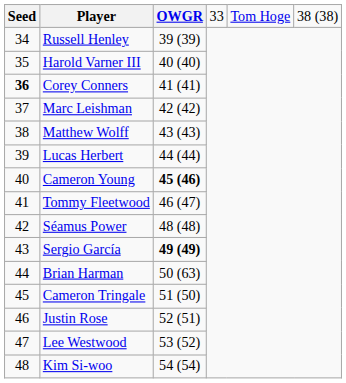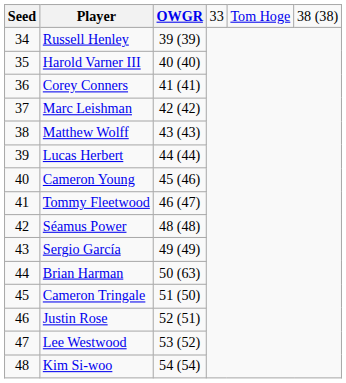 <table class=wikitable style=font-size:85%;text-align:center>
 <tr>
 <th>Seed</th>
 <th>Player</th>
 <th><a href='#'>OWGR</a></th>
 <td>33</td>
 <td style="text-align:left;"> <a href='#'>Tom Hoge</a></td>
 <td>38 (38)</td>
 </tr>
 <tr>
 <td>34</td>
 <td style="text-align:left;"> <a href='#'>Russell Henley</a></td>
 <td>39 (39)</td>
 </tr>
 <tr>
 <td>35</td>
 <td style="text-align:left;"> <a href='#'>Harold Varner III</a></td>
 <td>40 (40)</td>
 </tr>
 <tr>
-<td><strong>36</strong></td>
+<td>36</td>
 <td style="text-align:left;"> <a href='#'>Corey Conners</a></td>
 <td>41 (41)</td>
 </tr>
 <tr>
 <td>37</td>
 <td style="text-align:left;"> <a href='#'>Marc Leishman</a></td>
 <td>42 (42)</td>
 </tr>
 <tr>
 <td>38</td>
 <td style="text-align:left;"> <a href='#'>Matthew Wolff</a></td>
 <td>43 (43)</td>
 </tr>
 <tr>
 <td>39</td>
 <td style="text-align:left;"> <a href='#'>Lucas Herbert</a></td>
 <td>44 (44)</td>
 </tr>
 <tr>
 <td>40</td>
 <td style="text-align:left;"> <a href='#'>Cameron Young</a></td>
-<td><strong>45 (46)</strong></td>
+<td>45 (46)</td>
 </tr>
 <tr>
 <td>41</td>
 <td style="text-align:left;"> <a href='#'>Tommy Fleetwood</a></td>
 <td>46 (47)</td>
 </tr>
 <tr>
 <td>42</td>
 <td style="text-align:left;"> <a href='#'>Séamus Power</a></td>
 <td>48 (48)</td>
 </tr>
 <tr>
 <td>43</td>
 <td style="text-align:left;"> <a href='#'>Sergio García</a></td>
-<td><strong>49 (49)</strong></td>
+<td>49 (49)</td>
 </tr>
 <tr>
 <td>44</td>
 <td style="text-align:left;"> <a href='#'>Brian Harman</a></td>
 <td>50 (63)</td>
 </tr>
 <tr>
 <td>45</td>
 <td style="text-align:left;"> <a href='#'>Cameron Tringale</a></td>
 <td>51 (50)</td>
 </tr>
 <tr>
 <td>46</td>
 <td style="text-align:left;"> <a href='#'>Justin Rose</a></td>
 <td>52 (51)</td>
 </tr>
 <tr>
 <td>47</td>
 <td style="text-align:left;"> <a href='#'>Lee Westwood</a></td>
 <td>53 (52)</td>
 </tr>
 <tr>
 <td>48</td>
 <td style="text-align:left;"> <a href='#'>Kim Si-woo</a></td>
 <td>54 (54)</td>
 </tr>
 </table>
